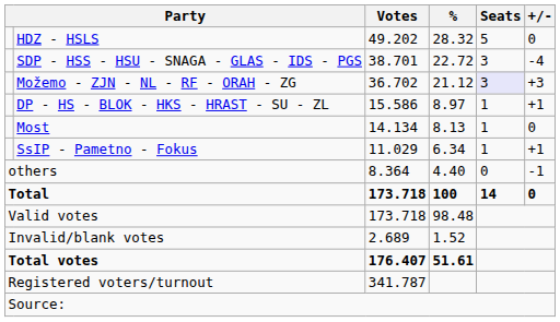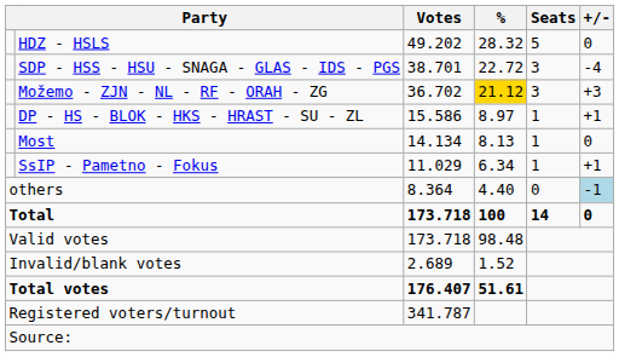 <table class="wikitable" style="text-align: left;">
 <tr>
 <th colspan="2">Party</th>
 <th>Votes</th>
 <th>%</th>
 <th>Seats</th>
 <th>+/-</th>
 </tr>
 <tr>
 <td width="2" style="background-color: "></td>
 <td><a href='#'>HDZ</a> - <a href='#'>HSLS</a></td>
 <td>49.202</td>
 <td>28.32</td>
 <td>5</td>
 <td>0</td>
 </tr>
 <tr>
 <td style="background-color: "></td>
 <td><a href='#'>SDP</a> - <a href='#'>HSS</a> - <a href='#'>HSU</a> - SNAGA - <a href='#'>GLAS</a> - <a href='#'>IDS</a> - <a href='#'>PGS</a></td>
 <td>38.701</td>
 <td>22.72</td>
 <td>3</td>
 <td>-4</td>
 </tr>
 <tr>
 <td style="background-color: "></td>
 <td><a href='#'>Možemo</a> - <a href='#'>ZJN</a> - <a href='#'>NL</a> - <a href='#'>RF</a> - <a href='#'>ORAH</a> - ZG</td>
 <td>36.702</td>
-<td>21.12</td>
-<td style="background: lavender;">3</td>
+<td style="background: gold;">21.12</td>
+<td>3</td>
 <td>+3</td>
 </tr>
 <tr>
 <td style="background-color: "></td>
 <td><a href='#'>DP</a> - <a href='#'>HS</a> - <a href='#'>BLOK</a> - <a href='#'>HKS</a> - <a href='#'>HRAST</a> - SU - ZL</td>
 <td>15.586</td>
 <td>8.97</td>
 <td>1</td>
 <td>+1</td>
 </tr>
 <tr>
 <td style="background-color: "></td>
 <td><a href='#'>Most</a></td>
 <td>14.134</td>
 <td>8.13</td>
 <td>1</td>
 <td>0</td>
 </tr>
 <tr>
 <td style="background-color: "></td>
 <td><a href='#'>SsIP</a> - <a href='#'>Pametno</a> - <a href='#'>Fokus</a></td>
 <td>11.029</td>
 <td>6.34</td>
 <td>1</td>
 <td>+1</td>
 </tr>
 <tr>
 <td colspan="2">others</td>
 <td>8.364</td>
 <td>4.40</td>
 <td>0</td>
-<td>-1</td>
+<td style="background: lightblue;">-1</td>
 </tr>
 <tr>
 <td colspan="2"><strong>Total</strong></td>
 <td><strong>173.718</strong></td>
 <td><strong>100</strong></td>
 <td><strong>14</strong></td>
 <td><strong>0</strong></td>
 </tr>
 <tr>
 <td colspan="2">Valid votes</td>
 <td>173.718</td>
 <td>98.48</td>
 <td colspan="2"></td>
 </tr>
 <tr>
 <td colspan="2">Invalid/blank votes</td>
 <td>2.689</td>
 <td>1.52</td>
 <td colspan="2"></td>
 </tr>
 <tr>
 <td colspan="2"><strong>Total votes</strong></td>
 <td><strong>176.407</strong></td>
 <td><strong>51.61</strong></td>
 <td colspan="2"></td>
 </tr>
 <tr>
 <td colspan="2">Registered voters/turnout</td>
 <td votes14="5343">341.787</td>
 <td></td>
 <td colspan="2"></td>
 </tr>
 <tr>
 <td colspan="6">Source: </td>
 </tr>
 </table>
